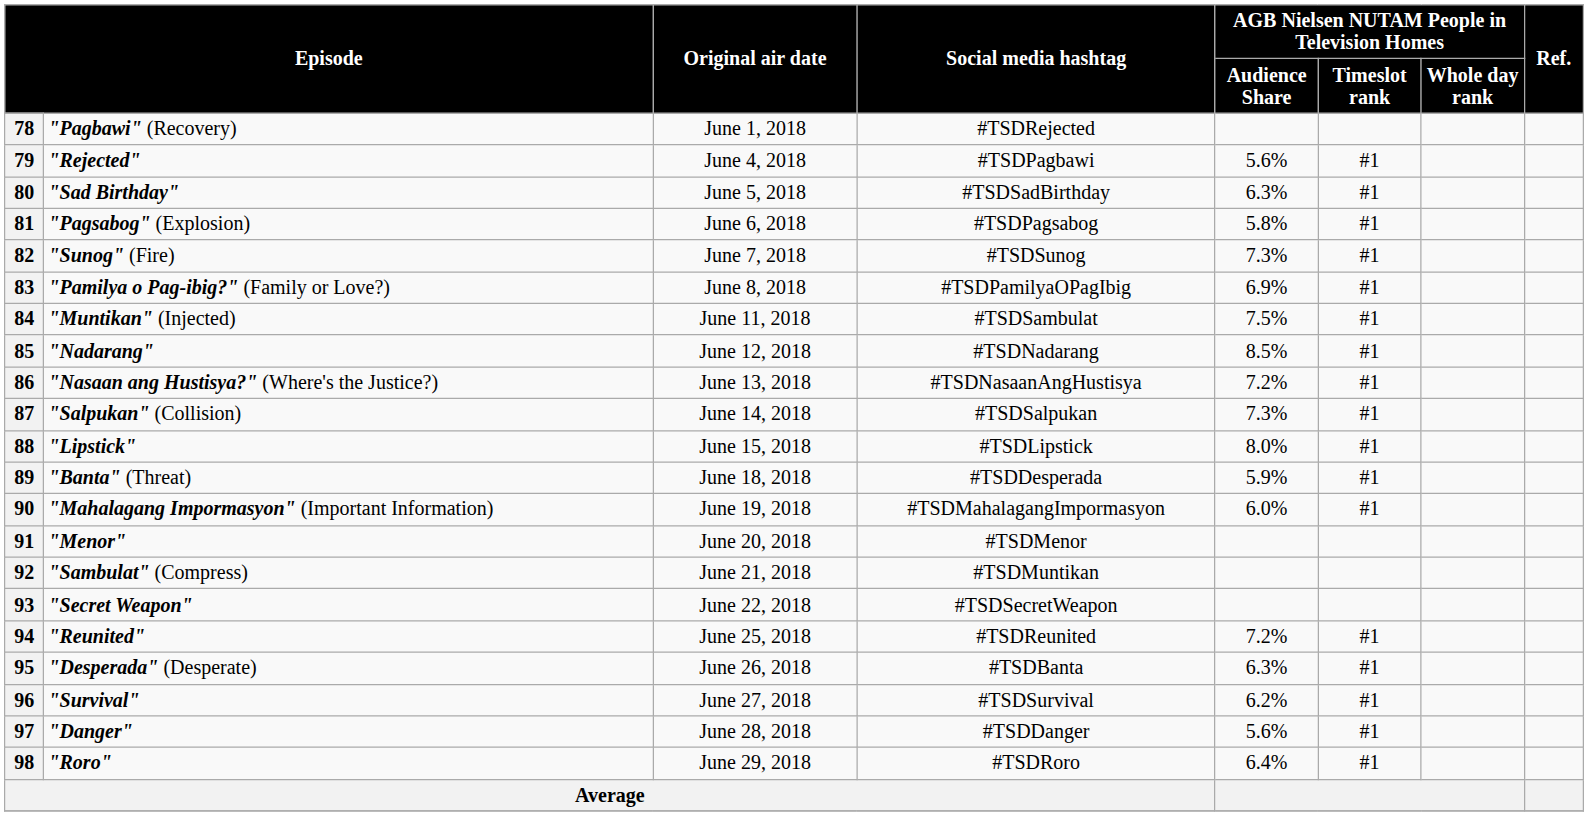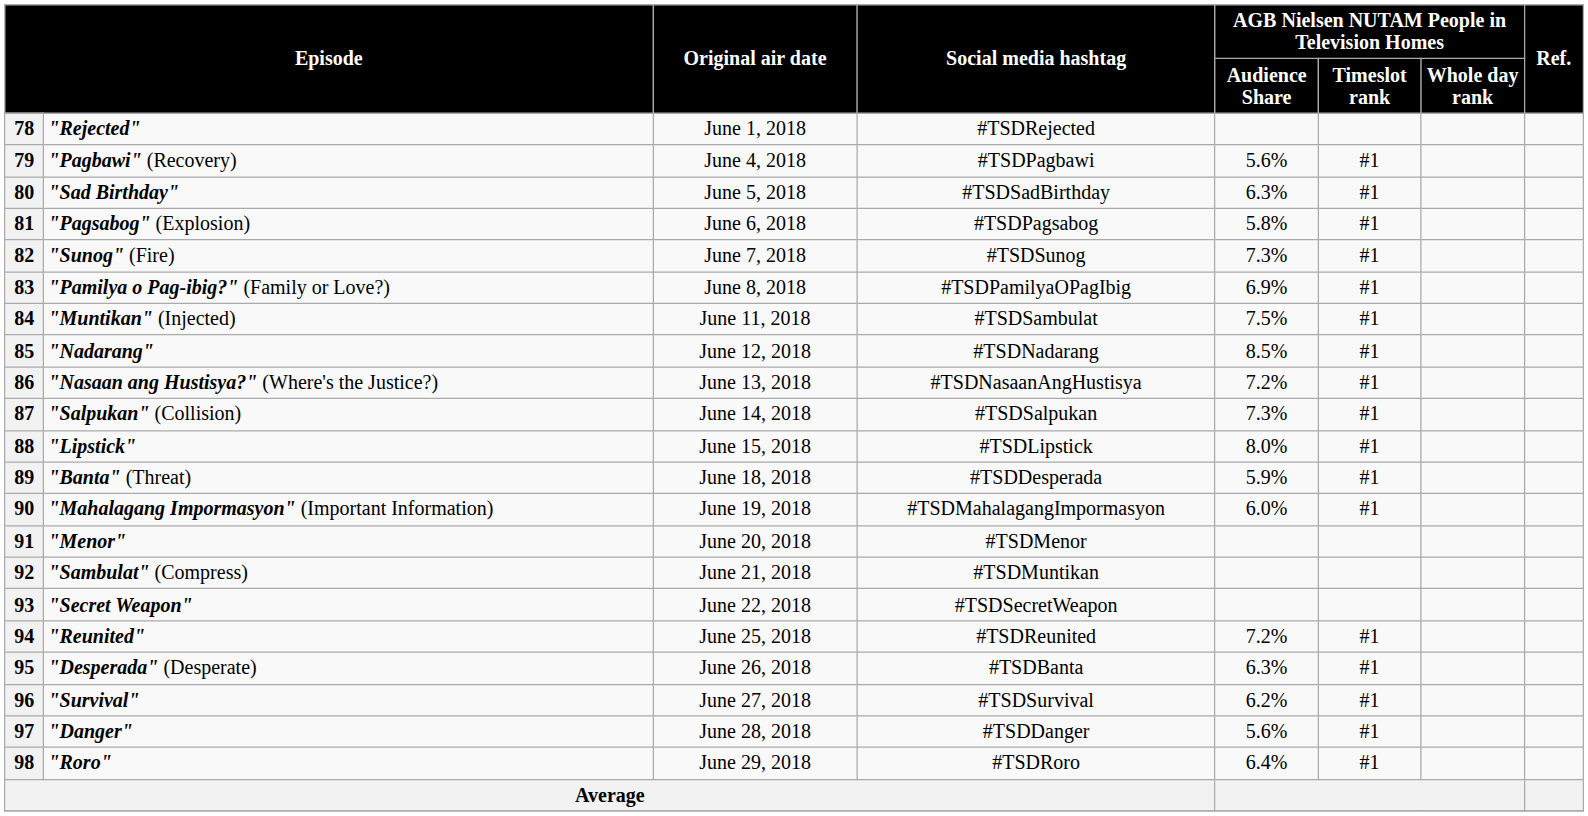 <table class="wikitable" style="text-align:center; font-size:100%; line-height:18px;" width="100%">
 <tr>
 <th style="background-color:#000000; color:#ffffff;" colspan="2" rowspan="2">Episode</th>
 <th style="background-color:#000000; color:white" rowspan="2">Original air date</th>
 <th style="background-color:#000000; color:white" rowspan="2">Social media hashtag</th>
 <th style="background-color:#000000; color:#ffffff;" colspan="3">AGB Nielsen NUTAM People in Television Homes</th>
 <th style="background-color:#000000; color:#ffffff;" rowspan="2">Ref.</th>
 </tr>
 <tr>
 <th style="background-color:#000000; width:75px; color:#ffffff;">Audience Share</th>
 <th style="background-color:#000000; width:75px; color:#ffffff;">Timeslot<br>rank</th>
 <th style="background-color:#000000; width:75px; color:#ffffff;">Whole day<br>rank</th>
 </tr>
 <tr>
 <th>78</th>
-<td style="text-align: left;"><strong><em>"Pagbawi"</em></strong> (Recovery)</td>
+<td style="text-align: left;"><strong><em>"Rejected"</em></strong></td>
 <td>June 1, 2018</td>
 <td>#TSDRejected</td>
 <td></td>
 <td></td>
 <td></td>
 <td></td>
 </tr>
 <tr>
 <th>79</th>
-<td style="text-align: left;"><strong><em>"Rejected"</em></strong></td>
+<td style="text-align: left;"><strong><em>"Pagbawi"</em></strong> (Recovery)</td>
 <td>June 4, 2018</td>
 <td>#TSDPagbawi</td>
 <td>5.6%</td>
 <td>#1</td>
 <td></td>
 <td></td>
 </tr>
 <tr>
 <th>80</th>
 <td style="text-align: left;"><strong><em>"Sad Birthday"</em></strong></td>
 <td>June 5, 2018</td>
 <td>#TSDSadBirthday</td>
 <td>6.3%</td>
 <td>#1</td>
 <td></td>
 <td></td>
 </tr>
 <tr>
 <th>81</th>
 <td style="text-align: left;"><strong><em>"Pagsabog"</em></strong> (Explosion)</td>
 <td>June 6, 2018</td>
 <td>#TSDPagsabog</td>
 <td>5.8%</td>
 <td>#1</td>
 <td></td>
 <td></td>
 </tr>
 <tr>
 <th>82</th>
 <td style="text-align: left;"><strong><em>"Sunog"</em></strong> (Fire)</td>
 <td>June 7, 2018</td>
 <td>#TSDSunog</td>
 <td>7.3%</td>
 <td>#1</td>
 <td></td>
 <td></td>
 </tr>
 <tr>
 <th>83</th>
 <td style="text-align: left;"><strong><em>"Pamilya o Pag-ibig?"</em></strong> (Family or Love?)</td>
 <td>June 8, 2018</td>
 <td>#TSDPamilyaOPagIbig</td>
 <td>6.9%</td>
 <td>#1</td>
 <td></td>
 <td></td>
 </tr>
 <tr>
 <th>84</th>
 <td style="text-align: left;"><strong><em>"Muntikan"</em></strong> (Injected)</td>
 <td>June 11, 2018</td>
 <td>#TSDSambulat</td>
 <td>7.5%</td>
 <td>#1</td>
 <td></td>
 <td></td>
 </tr>
 <tr>
 <th>85</th>
 <td style="text-align: left;"><strong><em>"Nadarang"</em></strong></td>
 <td>June 12, 2018</td>
 <td>#TSDNadarang</td>
 <td>8.5%</td>
 <td>#1</td>
 <td></td>
 <td></td>
 </tr>
 <tr>
 <th>86</th>
 <td style="text-align: left;"><strong><em>"Nasaan ang Hustisya?"</em></strong> (Where's the Justice?)</td>
 <td>June 13, 2018</td>
 <td>#TSDNasaanAngHustisya</td>
 <td>7.2%</td>
 <td>#1</td>
 <td></td>
 <td></td>
 </tr>
 <tr>
 <th>87</th>
 <td style="text-align: left;"><strong><em>"Salpukan"</em></strong> (Collision)</td>
 <td>June 14, 2018</td>
 <td>#TSDSalpukan</td>
 <td>7.3%</td>
 <td>#1</td>
 <td></td>
 <td></td>
 </tr>
 <tr>
 <th>88</th>
 <td style="text-align: left;"><strong><em>"Lipstick"</em></strong></td>
 <td>June 15, 2018</td>
 <td>#TSDLipstick</td>
 <td>8.0%</td>
 <td>#1</td>
 <td></td>
 <td></td>
 </tr>
 <tr>
 <th>89</th>
 <td style="text-align: left;"><strong><em>"Banta"</em></strong> (Threat)</td>
 <td>June 18, 2018</td>
 <td>#TSDDesperada</td>
 <td>5.9%</td>
 <td>#1</td>
 <td></td>
 <td></td>
 </tr>
 <tr>
 <th>90</th>
 <td style="text-align: left;"><strong><em>"Mahalagang Impormasyon"</em></strong> (Important Information)</td>
 <td>June 19, 2018</td>
 <td>#TSDMahalagangImpormasyon</td>
 <td>6.0%</td>
 <td>#1</td>
 <td></td>
 <td></td>
 </tr>
 <tr>
 <th>91</th>
 <td style="text-align: left;"><strong><em>"Menor"</em></strong></td>
 <td>June 20, 2018</td>
 <td>#TSDMenor</td>
 <td></td>
 <td></td>
 <td></td>
 <td></td>
 </tr>
 <tr>
 <th>92</th>
 <td style="text-align: left;"><strong><em>"Sambulat"</em></strong> (Compress)</td>
 <td>June 21, 2018</td>
 <td>#TSDMuntikan</td>
 <td></td>
 <td></td>
 <td></td>
 <td></td>
 </tr>
 <tr>
 <th>93</th>
 <td style="text-align: left;"><strong><em>"Secret Weapon"</em></strong></td>
 <td>June 22, 2018</td>
 <td>#TSDSecretWeapon</td>
 <td></td>
 <td></td>
 <td></td>
 <td></td>
 </tr>
 <tr>
 <th>94</th>
 <td style="text-align: left;"><strong><em>"Reunited"</em></strong></td>
 <td>June 25, 2018</td>
 <td>#TSDReunited</td>
 <td>7.2%</td>
 <td>#1</td>
 <td></td>
 <td></td>
 </tr>
 <tr>
 <th>95</th>
 <td style="text-align: left;"><strong><em>"Desperada"</em></strong> (Desperate)</td>
 <td>June 26, 2018</td>
 <td>#TSDBanta</td>
 <td>6.3%</td>
 <td>#1</td>
 <td></td>
 <td></td>
 </tr>
 <tr>
 <th>96</th>
 <td style="text-align: left;"><strong><em>"Survival"</em></strong></td>
 <td>June 27, 2018</td>
 <td>#TSDSurvival</td>
 <td>6.2%</td>
 <td>#1</td>
 <td></td>
 <td></td>
 </tr>
 <tr>
 <th>97</th>
 <td style="text-align: left;"><strong><em>"Danger"</em></strong></td>
 <td>June 28, 2018</td>
 <td>#TSDDanger</td>
 <td>5.6%</td>
 <td>#1</td>
 <td></td>
 <td></td>
 </tr>
 <tr>
 <th>98</th>
 <td style="text-align: left;"><strong><em>"Roro"</em></strong></td>
 <td>June 29, 2018</td>
 <td>#TSDRoro</td>
 <td>6.4%</td>
 <td>#1</td>
 <td></td>
 <td></td>
 </tr>
 <tr>
 <th colspan="4">Average</th>
 <th colspan="3"></th>
 <th></th>
 </tr>
 <tr>
 </tr>
 </table>
